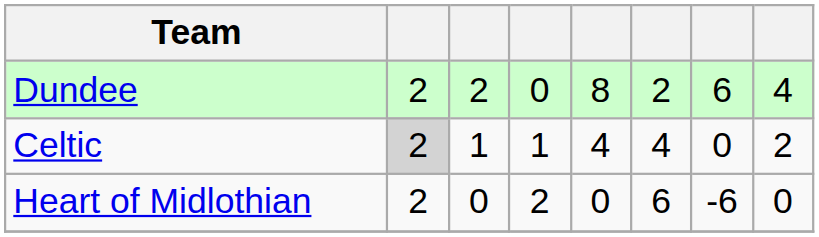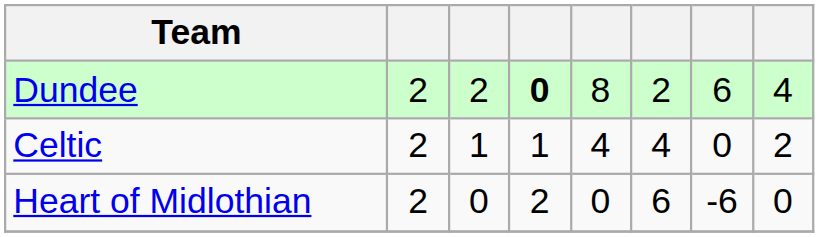 <table class="wikitable" style="text-align:center;">
 <tr>
 <th width=165>Team</th>
 <th width=20></th>
 <th width=20></th>
 <th width=20></th>
 <th width=20></th>
 <th width=20></th>
 <th width=20></th>
 <th width=20></th>
 </tr>
 <tr style="background:#cfc;">
 <td align="left"><a href='#'>Dundee</a></td>
 <td>2</td>
 <td>2</td>
-<td>0</td>
+<td><strong>0</strong></td>
 <td>8</td>
 <td>2</td>
 <td>6</td>
 <td>4</td>
 </tr>
 <tr>
 <td align="left"><a href='#'>Celtic</a></td>
-<td style="background: lightgrey;">2</td>
+<td>2</td>
 <td>1</td>
 <td>1</td>
 <td>4</td>
 <td>4</td>
 <td>0</td>
 <td>2</td>
 </tr>
 <tr>
 <td align="left"><a href='#'>Heart of Midlothian</a></td>
 <td>2</td>
 <td>0</td>
 <td>2</td>
 <td>0</td>
 <td>6</td>
 <td>-6</td>
 <td>0</td>
 </tr>
 <tr>
 </tr>
 </table>
